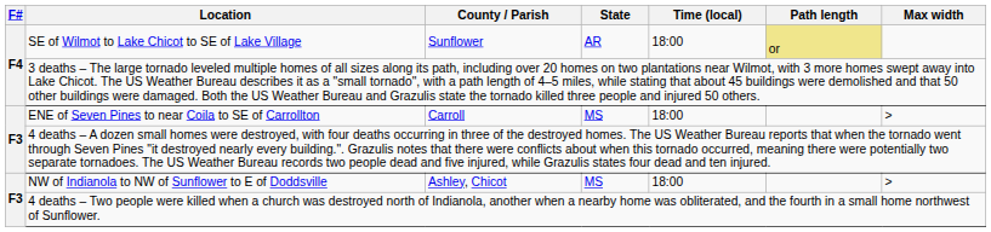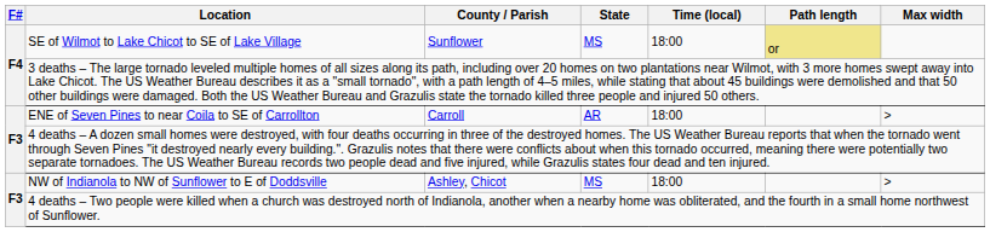 <table class="wikitable sortable" style="width:100%;">
 <tr>
 <th scope="col" align="center"><a href='#'>F#</a></th>
 <th scope="col" align="center" class="unsortable">Location</th>
 <th scope="col" align="center" class="unsortable">County / Parish</th>
 <th scope="col" align="center">State</th>
 <th scope="col" align="center">Time (local)</th>
 <th scope="col" align="center">Path length</th>
 <th scope="col" align="center">Max width</th>
 </tr>
 <tr>
 <th scope="row" rowspan="2" style="background-color:#">F4</th>
 <td>SE of <a href='#'>Wilmot</a> to <a href='#'>Lake Chicot</a> to SE of <a href='#'>Lake Village</a></td>
 <td><a href='#'>Sunflower</a></td>
-<td><a href='#'>AR</a></td>
+<td><a href='#'>MS</a></td>
 <td>18:00</td>
 <td style="background: khaki;"><br>or<br></td>
 <td></td>
 </tr>
 <tr class="expand-child">
 <td colspan="8" style=" border-bottom: 1px solid black;">3 deaths – The large tornado leveled multiple homes of all sizes along its path, including over 20 homes on two plantations near Wilmot, with 3 more homes swept away into Lake Chicot. The US Weather Bureau describes it as a "small tornado", with a path length of 4–5 miles, while stating that about 45 buildings were demolished and that 50 other buildings were damaged. Both the US Weather Bureau and Grazulis state the tornado killed three people and injured 50 others.</td>
 </tr>
 <tr>
 <th scope="row" rowspan="2" style="background-color:#">F3</th>
 <td>ENE of <a href='#'>Seven Pines</a> to near <a href='#'>Coila</a> to SE of <a href='#'>Carrollton</a></td>
 <td><a href='#'>Carroll</a></td>
-<td><a href='#'>MS</a></td>
+<td><a href='#'>AR</a></td>
 <td>18:00</td>
 <td></td>
 <td>></td>
 </tr>
 <tr class="expand-child">
 <td colspan="8" style=" border-bottom: 1px solid black;">4 deaths – A dozen small homes were destroyed, with four deaths occurring in three of the destroyed homes. The US Weather Bureau reports that when the tornado went through Seven Pines "it destroyed nearly every building.". Grazulis notes that there were conflicts about when this tornado occurred, meaning there were potentially two separate tornadoes. The US Weather Bureau records two people dead and five injured, while Grazulis states four dead and ten injured.</td>
 </tr>
 <tr>
 <th scope="row" rowspan="2" style="background-color:#">F3</th>
 <td>NW of <a href='#'>Indianola</a> to NW of <a href='#'>Sunflower</a> to E of <a href='#'>Doddsville</a></td>
 <td><a href='#'>Ashley</a>, <a href='#'>Chicot</a></td>
 <td><a href='#'>MS</a></td>
 <td>18:00</td>
 <td></td>
 <td>></td>
 </tr>
 <tr class="expand-child">
 <td colspan="8" style=" border-bottom: 1px solid black;">4 deaths – Two people were killed when a church was destroyed north of Indianola, another when a nearby home was obliterated, and the fourth in a small home northwest of Sunflower.</td>
 </tr>
 </table>
